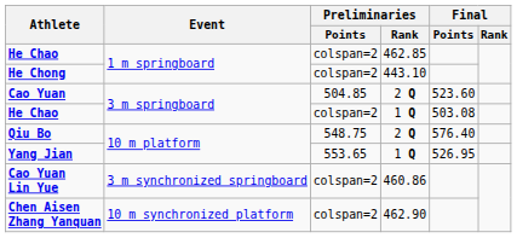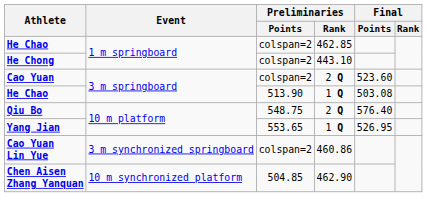 <table class=wikitable style="font-size:90%">
 <tr>
 <th rowspan="2">Athlete</th>
 <th rowspan="2">Event</th>
 <th colspan="2">Preliminaries</th>
 <th colspan="2">Final</th>
 </tr>
 <tr style="font-size:95%">
 <th>Points</th>
 <th>Rank</th>
 <th>Points</th>
 <th>Rank</th>
 </tr>
 <tr align=center>
 <td align=left><strong><a href='#'>He Chao</a></strong></td>
 <td style="text-align:left;" rowspan="2"><a href='#'>1 m springboard</a></td>
 <td>colspan=2 </td>
 <td>462.85</td>
 <td></td>
 </tr>
 <tr align=center>
 <td align=left><strong><a href='#'>He Chong</a></strong></td>
 <td>colspan=2 </td>
 <td>443.10</td>
 <td></td>
 </tr>
 <tr align=center>
 <td align=left><strong><a href='#'>Cao Yuan</a></strong></td>
 <td style="text-align:left;" rowspan="2"><a href='#'>3 m springboard</a></td>
-<td>504.85</td>
+<td>colspan=2 </td>
 <td>2 <strong>Q</strong></td>
 <td>523.60</td>
 <td></td>
 </tr>
 <tr align=center>
 <td align=left><strong><a href='#'>He Chao</a></strong></td>
-<td>colspan=2 </td>
+<td>513.90</td>
 <td>1 <strong>Q</strong></td>
 <td>503.08</td>
 <td></td>
 </tr>
 <tr align=center>
 <td align=left><strong><a href='#'>Qiu Bo</a></strong></td>
 <td style="text-align:left;" rowspan="2"><a href='#'>10 m platform</a></td>
 <td>548.75</td>
 <td>2 <strong>Q</strong></td>
 <td>576.40</td>
 <td></td>
 </tr>
 <tr align=center>
 <td align=left><strong><a href='#'>Yang Jian</a></strong></td>
 <td>553.65</td>
 <td>1 <strong>Q</strong></td>
 <td>526.95</td>
 <td></td>
 </tr>
 <tr align=center>
 <td align=left><strong><a href='#'>Cao Yuan</a><br><a href='#'>Lin Yue</a></strong></td>
 <td align=left><a href='#'>3 m synchronized springboard</a></td>
 <td>colspan=2 </td>
 <td>460.86</td>
 <td></td>
 </tr>
 <tr align=center>
 <td align=left><strong><a href='#'>Chen Aisen</a><br><a href='#'>Zhang Yanquan</a></strong></td>
 <td align=left><a href='#'>10 m synchronized platform</a></td>
-<td>colspan=2 </td>
+<td>504.85</td>
 <td>462.90</td>
 <td></td>
 </tr>
 </table>
